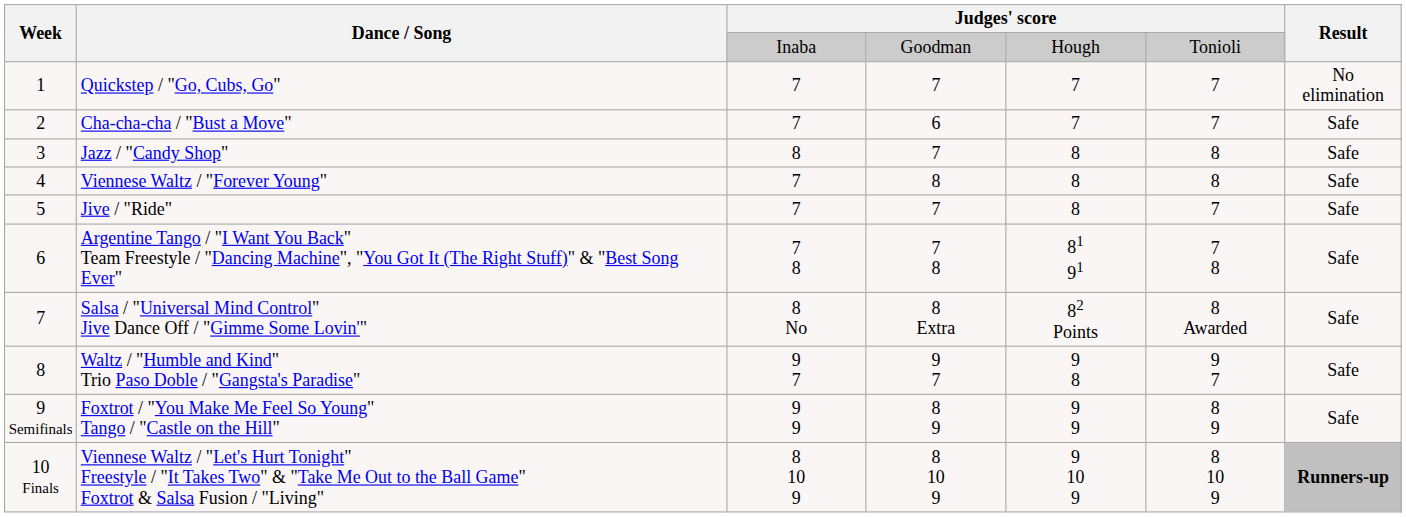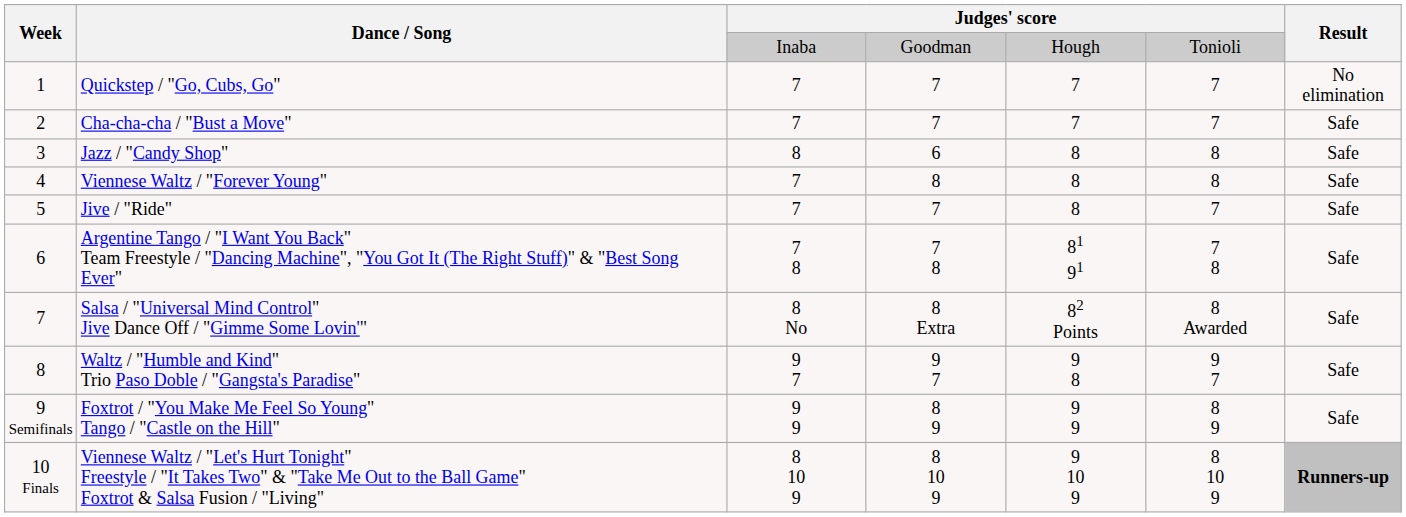 <table class="wikitable" style="text-align:center;">
 <tr style="text-align:center;">
 <th rowspan="2" bgcolor="#CCCCCC" align="Center">Week</th>
 <th rowspan="2" bgcolor="#CCCCCC" align="Center">Dance / Song</th>
 <th colspan="4" bgcolor="#CCCCCC" align="Center">Judges' score</th>
 <th rowspan="2" bgcolor="#CCCCCC" align="Center">Result</th>
 </tr>
 <tr>
 <td bgcolor="#CCCCCC" width="10%" align="center">Inaba</td>
 <td bgcolor="#CCCCCC" width="10%" align="center">Goodman</td>
 <td bgcolor="#CCCCCC" width="10%" align="center">Hough</td>
 <td bgcolor="#CCCCCC" width="10%" align="center">Tonioli</td>
 </tr>
 <tr>
 <td bgcolor="#FAF6F6">1</td>
 <td align="left" bgcolor="#FAF6F6"><a href='#'>Quickstep</a> / "<a href='#'>Go, Cubs, Go</a>"</td>
 <td bgcolor="#FAF6F6">7</td>
 <td bgcolor="#FAF6F6">7</td>
 <td bgcolor="#FAF6F6">7</td>
 <td bgcolor="#FAF6F6">7</td>
 <td bgcolor="#FAF6F6">No elimination</td>
 </tr>
 <tr>
 <td bgcolor="FAF6F6">2</td>
 <td align="left" bgcolor="FAF6F6"><a href='#'>Cha-cha-cha</a> / "<a href='#'>Bust a Move</a>"</td>
 <td bgcolor="#FAF6F6">7</td>
-<td bgcolor="#FAF6F6">6</td>
+<td bgcolor="#FAF6F6">7</td>
 <td bgcolor="#FAF6F6">7</td>
 <td bgcolor="#FAF6F6">7</td>
 <td bgcolor="#FAF6F6">Safe</td>
 </tr>
 <tr>
 <td bgcolor="FAF6F6">3</td>
 <td align="left" bgcolor="FAF6F6"><a href='#'>Jazz</a> / "<a href='#'>Candy Shop</a>"</td>
 <td bgcolor="#FAF6F6">8</td>
-<td bgcolor="#FAF6F6">7</td>
+<td bgcolor="#FAF6F6">6</td>
 <td bgcolor="#FAF6F6">8</td>
 <td bgcolor="#FAF6F6">8</td>
 <td bgcolor="#FAF6F6">Safe</td>
 </tr>
 <tr>
 <td bgcolor="FAF6F6">4</td>
 <td align="left" bgcolor="FAF6F6"><a href='#'>Viennese Waltz</a> / "<a href='#'>Forever Young</a>"</td>
 <td bgcolor="#FAF6F6">7</td>
 <td bgcolor="#FAF6F6">8</td>
 <td bgcolor="#FAF6F6">8</td>
 <td bgcolor="#FAF6F6">8</td>
 <td bgcolor="#FAF6F6">Safe</td>
 </tr>
 <tr>
 <td bgcolor="FAF6F6">5</td>
 <td align="left" bgcolor="FAF6F6"><a href='#'>Jive</a> / "Ride"</td>
 <td bgcolor="#FAF6F6">7</td>
 <td bgcolor="#FAF6F6">7</td>
 <td bgcolor="#FAF6F6">8</td>
 <td bgcolor="#FAF6F6">7</td>
 <td bgcolor="#FAF6F6">Safe</td>
 </tr>
 <tr>
 <td bgcolor="FAF6F6">6</td>
 <td align="left" bgcolor="FAF6F6"><a href='#'>Argentine Tango</a> / "<a href='#'>I Want You Back</a>"<br>Team Freestyle / "<a href='#'>Dancing Machine</a>", "<a href='#'>You Got It (The Right Stuff)</a>" & "<a href='#'>Best Song Ever</a>"</td>
 <td bgcolor="#FAF6F6">7<br>8</td>
 <td bgcolor="#FAF6F6">7<br>8</td>
 <td bgcolor="#FAF6F6">8<sup>1</sup><br>9<sup>1</sup></td>
 <td bgcolor="#FAF6F6">7<br>8</td>
 <td bgcolor="#FAF6F6">Safe</td>
 </tr>
 <tr>
 <td bgcolor="FAF6F6">7</td>
 <td align="left" bgcolor="FAF6F6"><a href='#'>Salsa</a> / "<a href='#'>Universal Mind Control</a>"<br><a href='#'>Jive</a> Dance Off / "<a href='#'>Gimme Some Lovin'</a>"</td>
 <td bgcolor="#FAF6F6">8<br>No</td>
 <td bgcolor="#FAF6F6">8<br>Extra</td>
 <td bgcolor="#FAF6F6">8<sup>2</sup><br>Points</td>
 <td bgcolor="#FAF6F6">8<br>Awarded</td>
 <td bgcolor="#FAF6F6">Safe</td>
 </tr>
 <tr>
 <td bgcolor="FAF6F6">8</td>
 <td align="left" bgcolor="FAF6F6"><a href='#'>Waltz</a> / "<a href='#'>Humble and Kind</a>"<br>Trio <a href='#'>Paso Doble</a> / "<a href='#'>Gangsta's Paradise</a>"</td>
 <td bgcolor="#FAF6F6">9<br>7</td>
 <td bgcolor="#FAF6F6">9<br>7</td>
 <td bgcolor="#FAF6F6">9<br>8</td>
 <td bgcolor="#FAF6F6">9<br>7</td>
 <td bgcolor="#FAF6F6">Safe</td>
 </tr>
 <tr>
 <td bgcolor="FAF6F6">9<br><small>Semifinals</small></td>
 <td align="left" bgcolor="FAF6F6"><a href='#'>Foxtrot</a> / "<a href='#'>You Make Me Feel So Young</a>"<br><a href='#'>Tango</a> / "<a href='#'>Castle on the Hill</a>"</td>
 <td bgcolor="#FAF6F6">9<br>9</td>
 <td bgcolor="#FAF6F6">8<br>9</td>
 <td bgcolor="#FAF6F6">9<br>9</td>
 <td bgcolor="#FAF6F6">8<br>9</td>
 <td bgcolor="#FAF6F6">Safe</td>
 </tr>
 <tr>
 <td bgcolor="FAF6F6">10<br><small>Finals</small></td>
 <td align="left" bgcolor="FAF6F6"><a href='#'>Viennese Waltz</a> / "<a href='#'>Let's Hurt Tonight</a>"<br><a href='#'>Freestyle</a> / "<a href='#'>It Takes Two</a>" & "<a href='#'>Take Me Out to the Ball Game</a>"<br><a href='#'>Foxtrot</a> & <a href='#'>Salsa</a> Fusion / "Living"</td>
 <td bgcolor="#FAF6F6">8<br>10<br>9</td>
 <td bgcolor="#FAF6F6">8<br>10<br>9</td>
 <td bgcolor="#FAF6F6">9<br>10<br>9</td>
 <td bgcolor="#FAF6F6">8<br>10<br>9</td>
 <th style="background:silver;">Runners-up</th>
 </tr>
 </table>
